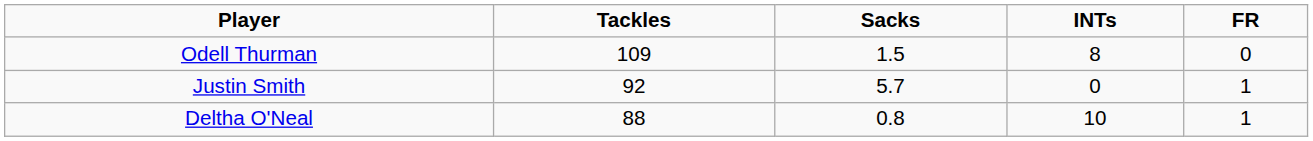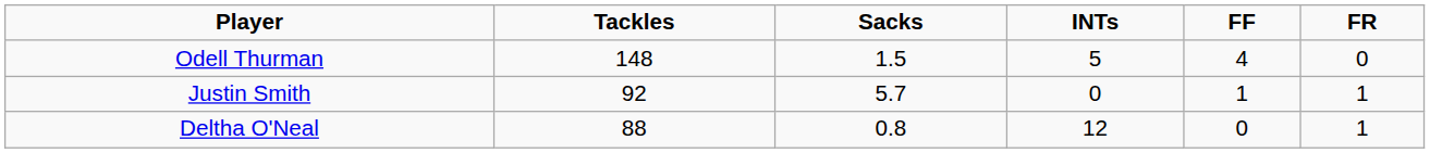 <table class="wikitable" width="80%">
 <tr align="center">
 <td><strong>Player</strong></td>
 <td><strong>Tackles</strong></td>
 <td><strong>Sacks</strong></td>
 <td><strong>INTs</strong></td>
+<td><strong>FF</strong></td>
 <td><strong>FR</strong></td>
 </tr>
 <tr align="center" bgcolor="">
 <td><a href='#'>Odell Thurman</a></td>
-<td>109</td>
+<td>148</td>
 <td>1.5</td>
-<td>8</td>
+<td>5</td>
+<td>4</td>
 <td>0</td>
 </tr>
 <tr align="center" bgcolor="">
 <td><a href='#'>Justin Smith</a></td>
 <td>92</td>
 <td>5.7</td>
 <td>0</td>
 <td>1</td>
+<td>1</td>
 </tr>
 <tr align="center" bgcolor="">
 <td><a href='#'>Deltha O'Neal</a></td>
 <td>88</td>
 <td>0.8</td>
-<td>10</td>
+<td>12</td>
+<td>0</td>
 <td>1</td>
 </tr>
 </table>
